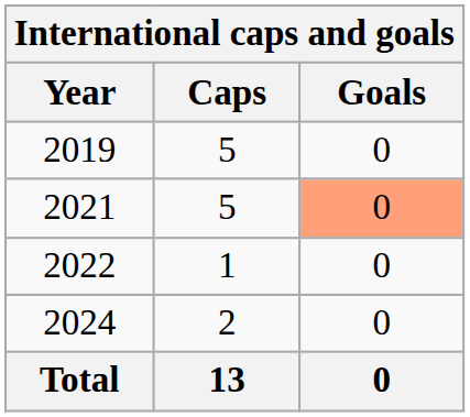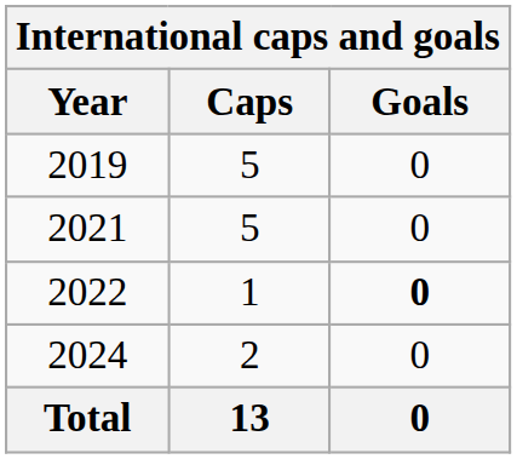 <table class="wikitable sortable" style="text-align:center">
 <tr>
 <th colspan="3">International caps and goals</th>
 </tr>
 <tr>
 <th>Year</th>
 <th>Caps</th>
 <th>Goals</th>
 </tr>
 <tr>
 <td>2019</td>
 <td>5</td>
 <td>0</td>
 </tr>
 <tr>
 <td>2021</td>
 <td>5</td>
-<td style="background: lightsalmon;">0</td>
+<td>0</td>
 </tr>
 <tr>
 <td>2022</td>
 <td>1</td>
-<td>0</td>
+<td><strong>0</strong></td>
 </tr>
 <tr>
 <td>2024</td>
 <td>2</td>
 <td>0</td>
 </tr>
 <tr>
 <th>Total</th>
 <th>13</th>
 <th>0</th>
 </tr>
 </table>
